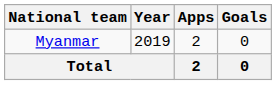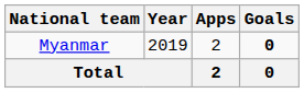 <table class=wikitable style=text-align:center>
 <tr>
 <th>National team</th>
 <th>Year</th>
 <th>Apps</th>
 <th>Goals</th>
 </tr>
 <tr>
 <td><a href='#'>Myanmar</a></td>
 <td>2019</td>
 <td>2</td>
-<td>0</td>
+<td><strong>0</strong></td>
 </tr>
 <tr>
 <th colspan=2>Total</th>
 <th>2</th>
 <th>0</th>
 </tr>
 </table>
